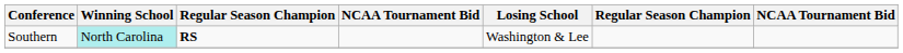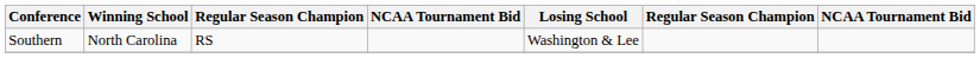 <table class="wikitable">
 <tr>
 <th>Conference</th>
 <th>Winning School</th>
 <th>Regular Season Champion</th>
 <th>NCAA Tournament Bid</th>
 <th>Losing School</th>
 <th>Regular Season Champion</th>
 <th>NCAA Tournament Bid</th>
 </tr>
 <tr>
 <td>Southern</td>
-<td style="background: paleturquoise;">North Carolina</td>
-<td><strong>RS</strong></td>
+<td>North Carolina</td>
+<td>RS</td>
 <td></td>
 <td>Washington & Lee</td>
 <td></td>
 <td></td>
 </tr>
 <tr>
 </tr>
 </table>
